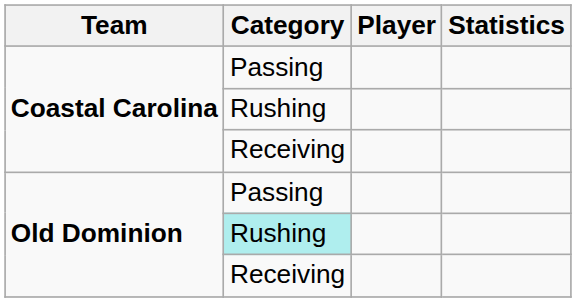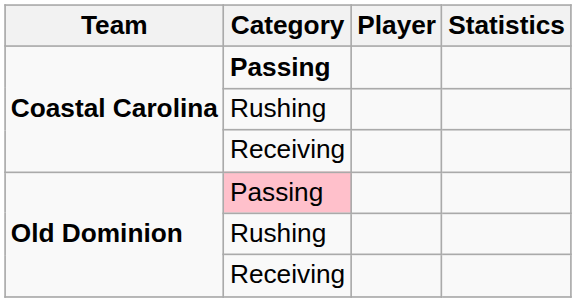 <table class="wikitable" style="float: right;">
 <tr>
 <th>Team</th>
 <th>Category</th>
 <th>Player</th>
 <th>Statistics</th>
 </tr>
 <tr>
 <td rowspan=3><strong>Coastal Carolina</strong></td>
-<td>Passing</td>
+<td><strong>Passing</strong></td>
 <td></td>
 <td></td>
 </tr>
 <tr>
 <td>Rushing</td>
 <td></td>
 <td></td>
 </tr>
 <tr>
 <td>Receiving</td>
 <td></td>
 <td></td>
 </tr>
 <tr>
 <td rowspan=3><strong>Old Dominion</strong></td>
-<td>Passing</td>
+<td style="background: pink;">Passing</td>
 <td></td>
 <td></td>
 </tr>
 <tr>
-<td style="background: paleturquoise;">Rushing</td>
+<td>Rushing</td>
 <td></td>
 <td></td>
 </tr>
 <tr>
 <td>Receiving</td>
 <td></td>
 <td></td>
 </tr>
 </table>
